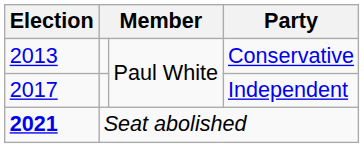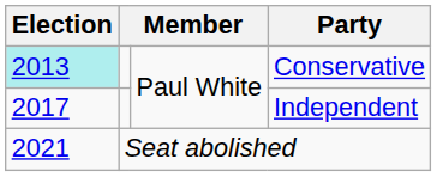 <table class="wikitable">
 <tr>
 <th>Election</th>
 <th colspan="2">Member</th>
 <th>Party</th>
 </tr>
 <tr>
-<td><a href='#'>2013</a></td>
+<td style="background: paleturquoise;"><a href='#'>2013</a></td>
 <td rowspan="1" style="background-color: "></td>
 <td rowspan="2">Paul White</td>
 <td rowspan="1"><a href='#'>Conservative</a></td>
 </tr>
 <tr>
 <td><a href='#'>2017</a></td>
 <td rowspan="1" style="background-color: "></td>
 <td rowspan="1"><a href='#'>Independent</a></td>
 </tr>
 <tr>
-<td><strong><a href='#'>2021</a></strong></td>
+<td><a href='#'>2021</a></td>
 <td colspan="3"><em>Seat abolished</em></td>
 </tr>
 </table>
